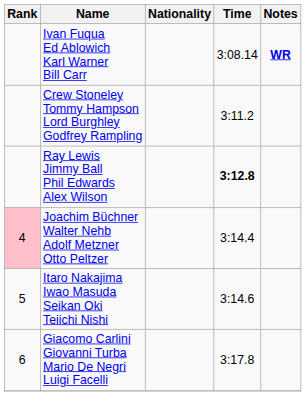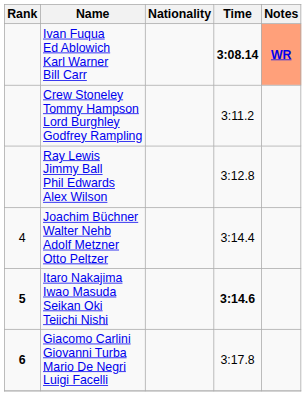 <table class="wikitable sortable" style="text-align:center">
 <tr>
 <th>Rank</th>
 <th>Name</th>
 <th>Nationality</th>
 <th>Time</th>
 <th>Notes</th>
 </tr>
 <tr>
 <td></td>
 <td align=left><a href='#'>Ivan Fuqua</a><br><a href='#'>Ed Ablowich</a><br><a href='#'>Karl Warner</a><br><a href='#'>Bill Carr</a></td>
 <td align=left></td>
-<td>3:08.14</td>
-<td><strong><a href='#'>WR</a></strong></td>
+<td><strong>3:08.14</strong></td>
+<td style="background: lightsalmon;"><strong><a href='#'>WR</a></strong></td>
 </tr>
 <tr>
 <td></td>
 <td align=left><a href='#'>Crew Stoneley</a><br><a href='#'>Tommy Hampson</a><br><a href='#'>Lord Burghley</a><br><a href='#'>Godfrey Rampling</a></td>
 <td align=left></td>
 <td>3:11.2</td>
 <td></td>
 </tr>
 <tr>
 <td></td>
 <td align=left><a href='#'>Ray Lewis</a><br><a href='#'>Jimmy Ball</a><br><a href='#'>Phil Edwards</a><br><a href='#'>Alex Wilson</a></td>
 <td align=left></td>
-<td><strong>3:12.8</strong></td>
+<td>3:12.8</td>
 <td></td>
 </tr>
 <tr>
-<td style="background: pink;">4</td>
+<td>4</td>
 <td align=left><a href='#'>Joachim Büchner</a><br><a href='#'>Walter Nehb</a><br><a href='#'>Adolf Metzner</a><br><a href='#'>Otto Peltzer</a></td>
 <td align=left></td>
 <td>3:14.4</td>
 <td></td>
 </tr>
 <tr>
-<td>5</td>
+<td><strong>5</strong></td>
 <td align=left><a href='#'>Itaro Nakajima</a><br><a href='#'>Iwao Masuda</a><br><a href='#'>Seikan Oki</a><br><a href='#'>Teiichi Nishi</a></td>
 <td align=left></td>
-<td>3:14.6</td>
+<td><strong>3:14.6</strong></td>
 <td></td>
 </tr>
 <tr>
-<td>6</td>
+<td><strong>6</strong></td>
 <td align=left><a href='#'>Giacomo Carlini</a><br><a href='#'>Giovanni Turba</a><br><a href='#'>Mario De Negri</a><br><a href='#'>Luigi Facelli</a></td>
 <td align=left></td>
 <td>3:17.8</td>
 <td></td>
 </tr>
 <tr>
 </tr>
 </table>
